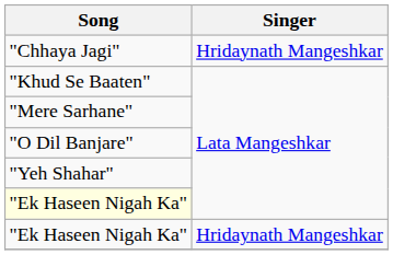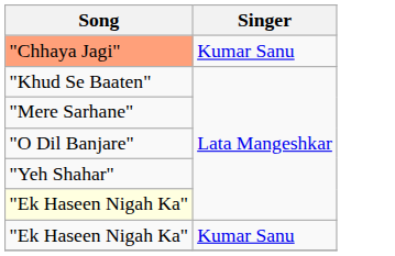 <table class="wikitable">
 <tr>
 <th>Song</th>
 <th>Singer</th>
 </tr>
 <tr>
-<td>"Chhaya Jagi"</td>
-<td><a href='#'>Hridaynath Mangeshkar</a></td>
+<td style="background: lightsalmon;">"Chhaya Jagi"</td>
+<td><a href='#'>Kumar Sanu</a></td>
 </tr>
 <tr>
 <td>"Khud Se Baaten"</td>
 <td rowspan="5"><a href='#'>Lata Mangeshkar</a></td>
 </tr>
 <tr>
 <td>"Mere Sarhane"</td>
 </tr>
 <tr>
 <td>"O Dil Banjare"</td>
 </tr>
 <tr>
 <td>"Yeh Shahar"</td>
 </tr>
 <tr>
 <td style="background: lightyellow;">"Ek Haseen Nigah Ka"</td>
 </tr>
 <tr>
 <td>"Ek Haseen Nigah Ka"</td>
-<td><a href='#'>Hridaynath Mangeshkar</a></td>
+<td><a href='#'>Kumar Sanu</a></td>
 </tr>
 <tr>
 </tr>
 </table>
